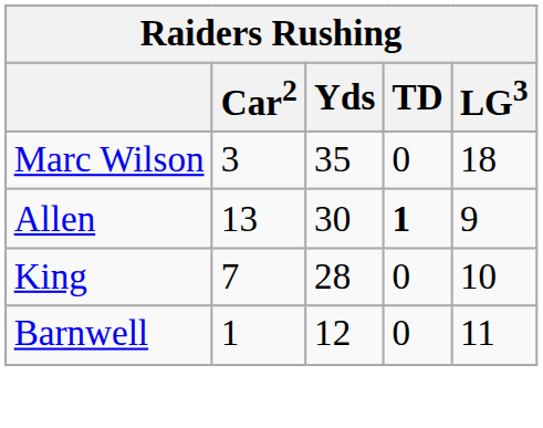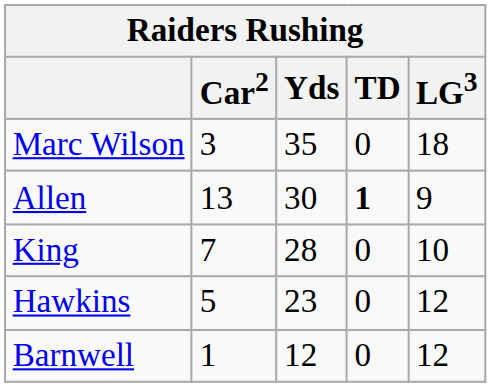 <table class="wikitable">
 <tr>
 <th colspan="5">Raiders Rushing</th>
 </tr>
 <tr>
 <th></th>
 <th>Car<sup>2</sup></th>
 <th>Yds</th>
 <th>TD</th>
 <th>LG<sup>3</sup></th>
 </tr>
 <tr>
 <td><a href='#'>Marc Wilson</a></td>
 <td>3</td>
 <td>35</td>
 <td>0</td>
 <td>18</td>
 </tr>
 <tr>
 <td><a href='#'>Allen</a></td>
 <td>13</td>
 <td>30</td>
 <td><strong>1</strong></td>
 <td>9</td>
 </tr>
 <tr>
 <td><a href='#'>King</a></td>
 <td>7</td>
 <td>28</td>
 <td>0</td>
 <td>10</td>
 </tr>
 <tr>
+<td><a href='#'>Hawkins</a></td>
+<td>5</td>
+<td>23</td>
+<td>0</td>
+<td>12</td>
+</tr>
+<tr>
 <td><a href='#'>Barnwell</a></td>
 <td>1</td>
 <td>12</td>
 <td>0</td>
-<td>11</td>
+<td>12</td>
 </tr>
 </table>
